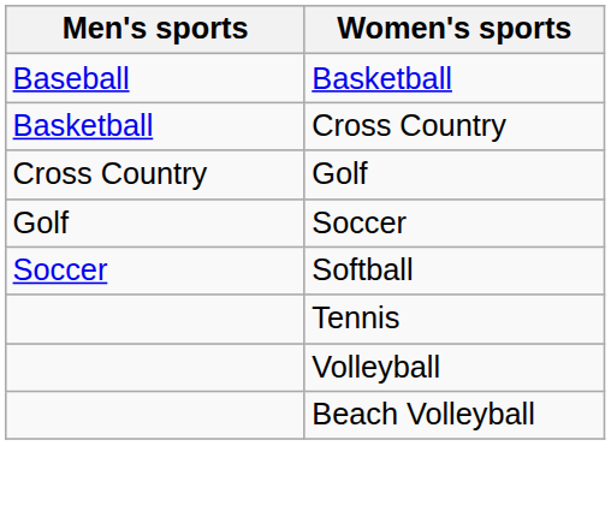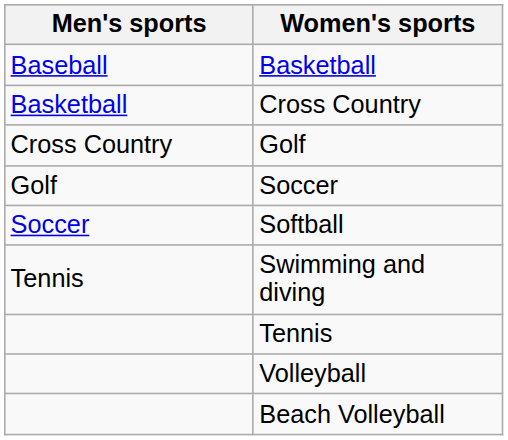 <table class="wikitable" style= " ">
 <tr>
 <th width=150px>Men's sports</th>
 <th width=150px>Women's sports</th>
 </tr>
 <tr>
 <td><a href='#'>Baseball</a></td>
 <td><a href='#'>Basketball</a></td>
 </tr>
 <tr>
 <td><a href='#'>Basketball</a></td>
 <td>Cross Country</td>
 </tr>
 <tr>
 <td>Cross Country</td>
 <td>Golf</td>
 </tr>
 <tr>
 <td>Golf</td>
 <td>Soccer</td>
 </tr>
 <tr>
 <td><a href='#'>Soccer</a></td>
 <td>Softball</td>
 </tr>
 <tr>
+<td>Tennis</td>
+<td>Swimming and diving</td>
+</tr>
+<tr>
 <td></td>
 <td>Tennis</td>
 </tr>
 <tr>
 <td></td>
 <td>Volleyball</td>
 </tr>
 <tr>
 <td></td>
 <td>Beach Volleyball</td>
 </tr>
 </table>
